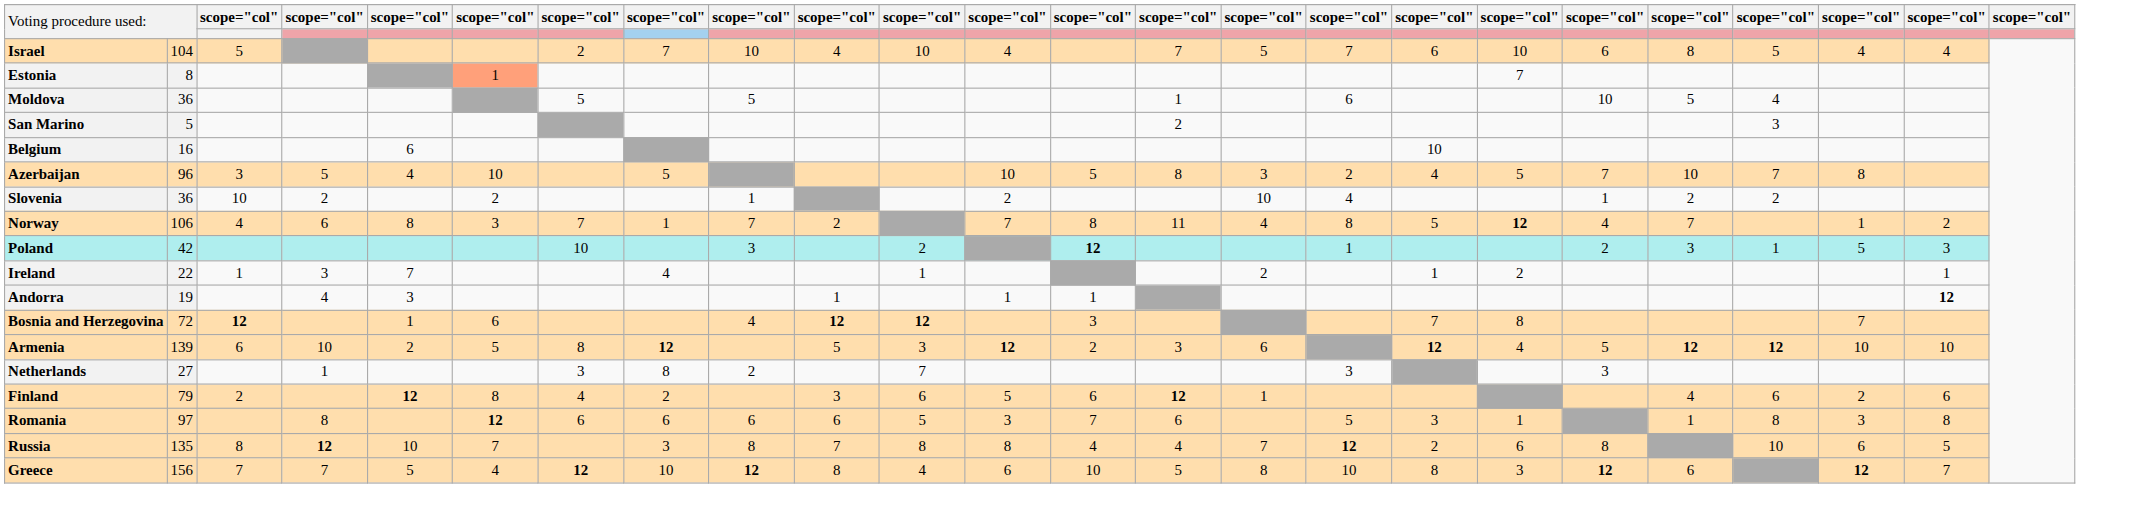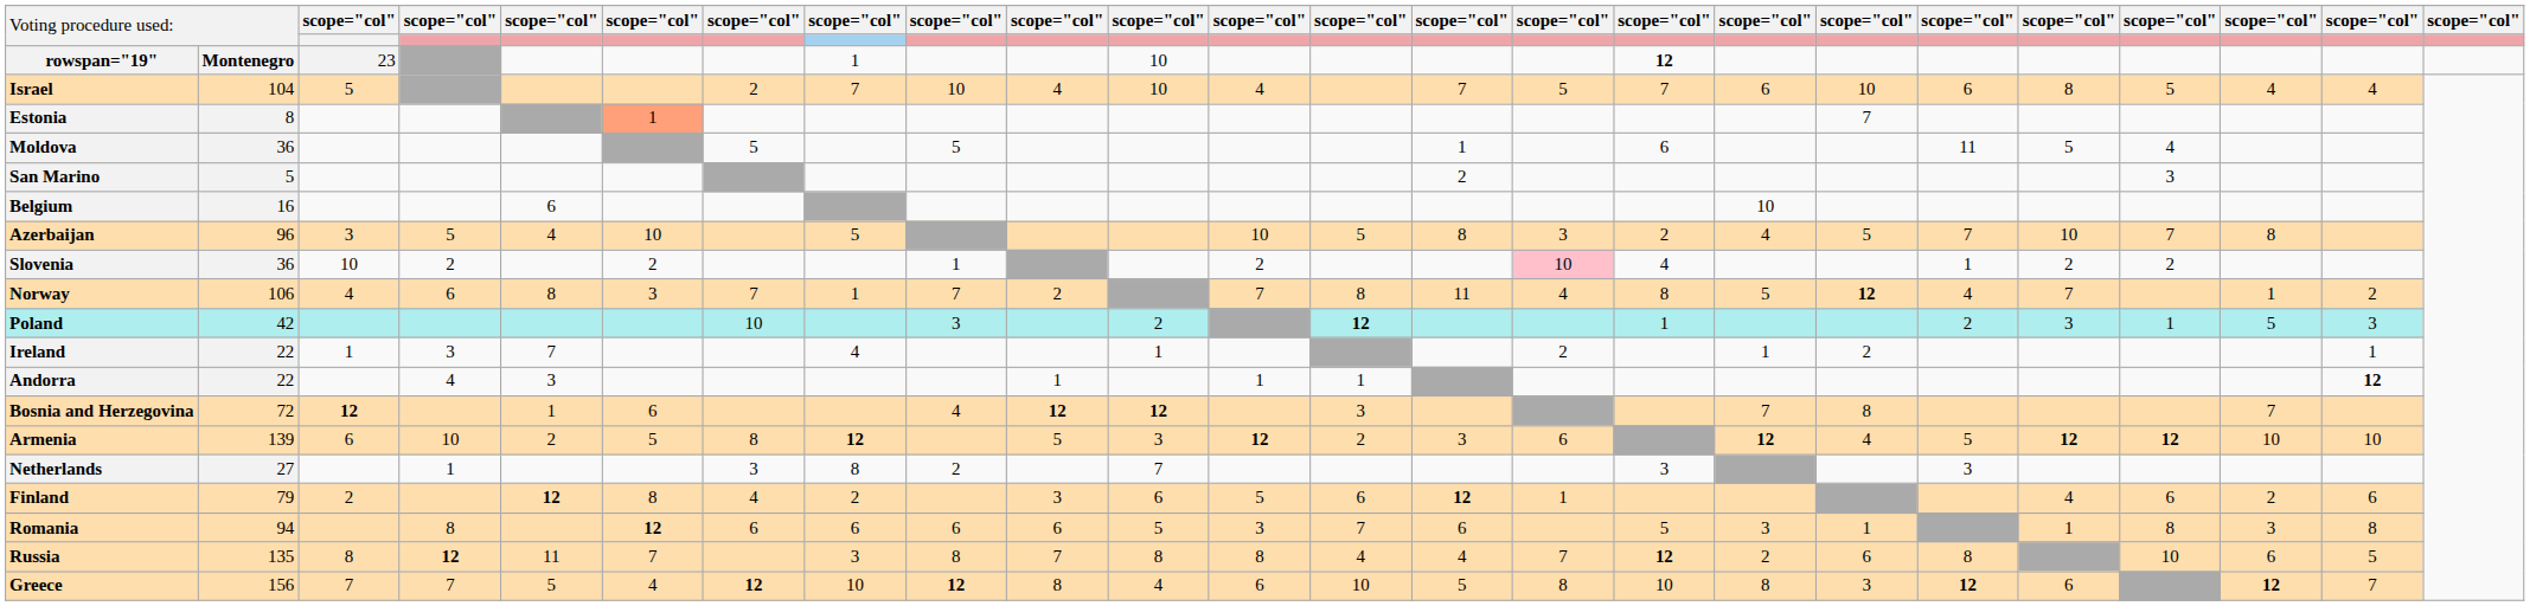 <table class="wikitable plainrowheaders" style="text-align:center; font-size:85%;">
 <tr>
 </tr>
 <tr>
 <td colspan="2" rowspan="2" style="text-align:left; background:#F2F2F2">Voting procedure used:<br></td>
 <th>scope="col" </th>
 <th>scope="col" </th>
 <th>scope="col" </th>
 <th>scope="col" </th>
 <th>scope="col" </th>
 <th>scope="col" </th>
 <th>scope="col" </th>
 <th>scope="col" </th>
 <th>scope="col" </th>
 <th>scope="col" </th>
 <th>scope="col" </th>
 <th>scope="col" </th>
 <th>scope="col" </th>
 <th>scope="col" </th>
 <th>scope="col" </th>
 <th>scope="col" </th>
 <th>scope="col" </th>
 <th>scope="col" </th>
 <th>scope="col" </th>
 <th>scope="col" </th>
 <th>scope="col" </th>
 <th>scope="col" </th>
 </tr>
 <tr>
 <th style="height:2px; border-top:1px solid transparent;"></th>
 <td style="background:#EFA4A9;"></td>
 <td style="background:#EFA4A9;"></td>
 <td style="background:#EFA4A9;"></td>
 <td style="background:#EFA4A9;"></td>
 <td style="background:#A4D1EF;"></td>
 <td style="background:#EFA4A9;"></td>
 <td style="background:#EFA4A9;"></td>
 <td style="background:#EFA4A9;"></td>
 <td style="background:#EFA4A9;"></td>
 <td style="background:#EFA4A9;"></td>
 <td style="background:#EFA4A9;"></td>
 <td style="background:#EFA4A9;"></td>
 <td style="background:#EFA4A9;"></td>
 <td style="background:#EFA4A9;"></td>
 <td style="background:#EFA4A9;"></td>
 <td style="background:#EFA4A9;"></td>
 <td style="background:#EFA4A9;"></td>
 <td style="background:#EFA4A9;"></td>
 <td style="background:#EFA4A9;"></td>
 <td style="background:#EFA4A9;"></td>
 <td style="background:#EFA4A9;"></td>
+</tr>
+<tr>
+<th>rowspan="19" </th>
+<th scope="row" style="text-align:left; background:#f2f2f2;">Montenegro</th>
+<td style="text-align:right; background:#f2f2f2;">23</td>
+<td style="text-align:left; background:#aaa;"></td>
+<td></td>
+<td></td>
+<td></td>
+<td>1</td>
+<td></td>
+<td></td>
+<td>10</td>
+<td></td>
+<td></td>
+<td></td>
+<td></td>
+<td><strong>12</strong></td>
+<td></td>
+<td></td>
+<td></td>
+<td></td>
+<td></td>
+<td></td>
+<td></td>
+<td></td>
 </tr>
 <tr style="background:#ffdead;">
 <th scope="row" style="text-align:left; font-weight:bold; background:#ffdead;">Israel</th>
 <td style="text-align:right;">104</td>
 <td>5</td>
 <td style="text-align:left; background:#aaa;"></td>
 <td></td>
 <td></td>
 <td>2</td>
 <td>7</td>
 <td>10</td>
 <td>4</td>
 <td>10</td>
 <td>4</td>
 <td></td>
 <td>7</td>
 <td>5</td>
 <td>7</td>
 <td>6</td>
 <td>10</td>
 <td>6</td>
 <td>8</td>
 <td>5</td>
 <td>4</td>
 <td>4</td>
 </tr>
 <tr>
 <th scope="row" style="text-align:left; background:#f2f2f2;">Estonia</th>
 <td style="text-align:right; background:#f2f2f2;">8</td>
 <td></td>
 <td></td>
 <td style="text-align:left; background:#aaa;"></td>
 <td style="background: lightsalmon;">1</td>
 <td></td>
 <td></td>
 <td></td>
 <td></td>
 <td></td>
 <td></td>
 <td></td>
 <td></td>
 <td></td>
 <td></td>
 <td></td>
 <td>7</td>
 <td></td>
 <td></td>
 <td></td>
 <td></td>
 <td></td>
 </tr>
 <tr>
 <th scope="row" style="text-align:left; background:#f2f2f2;">Moldova</th>
 <td style="text-align:right; background:#f2f2f2;">36</td>
 <td></td>
 <td></td>
 <td></td>
 <td style="text-align:left; background:#aaa;"></td>
 <td>5</td>
 <td></td>
 <td>5</td>
 <td></td>
 <td></td>
 <td></td>
 <td></td>
 <td>1</td>
 <td></td>
 <td>6</td>
 <td></td>
 <td></td>
-<td>10</td>
+<td>11</td>
 <td>5</td>
 <td>4</td>
 <td></td>
 <td></td>
 </tr>
 <tr>
 <th scope="row" style="text-align:left; background:#f2f2f2;">San Marino</th>
 <td style="text-align:right; background:#f2f2f2;">5</td>
 <td></td>
 <td></td>
 <td></td>
 <td></td>
 <td style="text-align:left; background:#aaa;"></td>
 <td></td>
 <td></td>
 <td></td>
 <td></td>
 <td></td>
 <td></td>
 <td>2</td>
 <td></td>
 <td></td>
 <td></td>
 <td></td>
 <td></td>
 <td></td>
 <td>3</td>
 <td></td>
 <td></td>
 </tr>
 <tr>
 <th scope="row" style="text-align:left; background:#f2f2f2;">Belgium</th>
 <td style="text-align:right; background:#f2f2f2;">16</td>
 <td></td>
 <td></td>
 <td>6</td>
 <td></td>
 <td></td>
 <td style="text-align:left; background:#aaa;"></td>
 <td></td>
 <td></td>
 <td></td>
 <td></td>
 <td></td>
 <td></td>
 <td></td>
 <td></td>
 <td>10</td>
 <td></td>
 <td></td>
 <td></td>
 <td></td>
 <td></td>
 <td></td>
 </tr>
 <tr style="background:#ffdead;">
 <th scope="row" style="text-align:left; font-weight:bold; background:#ffdead;">Azerbaijan</th>
 <td style="text-align:right;">96</td>
 <td>3</td>
 <td>5</td>
 <td>4</td>
 <td>10</td>
 <td></td>
 <td>5</td>
 <td style="text-align:left; background:#aaa;"></td>
 <td></td>
 <td></td>
 <td>10</td>
 <td>5</td>
 <td>8</td>
 <td>3</td>
 <td>2</td>
 <td>4</td>
 <td>5</td>
 <td>7</td>
 <td>10</td>
 <td>7</td>
 <td>8</td>
 <td></td>
 </tr>
 <tr>
 <th scope="row" style="text-align:left; background:#f2f2f2;">Slovenia</th>
 <td style="text-align:right; background:#f2f2f2;">36</td>
 <td>10</td>
 <td>2</td>
 <td></td>
 <td>2</td>
 <td></td>
 <td></td>
 <td>1</td>
 <td style="text-align:left; background:#aaa;"></td>
 <td></td>
 <td>2</td>
 <td></td>
 <td></td>
-<td>10</td>
+<td style="background: pink;">10</td>
 <td>4</td>
 <td></td>
 <td></td>
 <td>1</td>
 <td>2</td>
 <td>2</td>
 <td></td>
 <td></td>
 </tr>
 <tr style="background:#ffdead;">
 <th scope="row" style="text-align:left; font-weight:bold; background:#ffdead;">Norway</th>
 <td style="text-align:right;">106</td>
 <td>4</td>
 <td>6</td>
 <td>8</td>
 <td>3</td>
 <td>7</td>
 <td>1</td>
 <td>7</td>
 <td>2</td>
 <td style="text-align:left; background:#aaa;"></td>
 <td>7</td>
 <td>8</td>
 <td>11</td>
 <td>4</td>
 <td>8</td>
 <td>5</td>
 <td><strong>12</strong></td>
 <td>4</td>
 <td>7</td>
 <td></td>
 <td>1</td>
 <td>2</td>
 </tr>
 <tr style="background:paleturquoise;">
 <th scope="row" style="text-align:left; font-weight:bold; background:paleturquoise;">Poland </th>
 <td style="text-align:right;">42</td>
 <td></td>
 <td></td>
 <td></td>
 <td></td>
 <td>10</td>
 <td></td>
 <td>3</td>
 <td></td>
 <td>2</td>
 <td style="text-align:left; background:#aaa;"></td>
 <td><strong>12</strong></td>
 <td></td>
 <td></td>
 <td>1</td>
 <td></td>
 <td></td>
 <td>2</td>
 <td>3</td>
 <td>1</td>
 <td>5</td>
 <td>3</td>
 </tr>
 <tr>
 <th scope="row" style="text-align:left; background:#f2f2f2;">Ireland</th>
 <td style="text-align:right; background:#f2f2f2;">22</td>
 <td>1</td>
 <td>3</td>
 <td>7</td>
 <td></td>
 <td></td>
 <td>4</td>
 <td></td>
 <td></td>
 <td>1</td>
 <td></td>
 <td style="text-align:left; background:#aaa;"></td>
 <td></td>
 <td>2</td>
 <td></td>
 <td>1</td>
 <td>2</td>
 <td></td>
 <td></td>
 <td></td>
 <td></td>
 <td>1</td>
 </tr>
 <tr>
 <th scope="row" style="text-align:left; background:#f2f2f2;">Andorra</th>
-<td style="text-align:right; background:#f2f2f2;">19</td>
+<td style="text-align:right; background:#f2f2f2;">22</td>
 <td></td>
 <td>4</td>
 <td>3</td>
 <td></td>
 <td></td>
 <td></td>
 <td></td>
 <td>1</td>
 <td></td>
 <td>1</td>
 <td>1</td>
 <td style="text-align:left; background:#aaa;"></td>
 <td></td>
 <td></td>
 <td></td>
 <td></td>
 <td></td>
 <td></td>
 <td></td>
 <td></td>
 <td><strong>12</strong></td>
 </tr>
 <tr style="background:#ffdead;">
 <th scope="row" style="text-align:left; font-weight:bold; background:#ffdead;">Bosnia and Herzegovina</th>
 <td style="text-align:right;">72</td>
 <td><strong>12</strong></td>
 <td></td>
 <td>1</td>
 <td>6</td>
 <td></td>
 <td></td>
 <td>4</td>
 <td><strong>12</strong></td>
 <td><strong>12</strong></td>
 <td></td>
 <td>3</td>
 <td></td>
 <td style="text-align:left; background:#aaa;"></td>
 <td></td>
 <td>7</td>
 <td>8</td>
 <td></td>
 <td></td>
 <td></td>
 <td>7</td>
 <td></td>
 </tr>
 <tr style="background:#ffdead;">
 <th scope="row" style="text-align:left; font-weight:bold; background:#ffdead;">Armenia</th>
 <td style="text-align:right;">139</td>
 <td>6</td>
 <td>10</td>
 <td>2</td>
 <td>5</td>
 <td>8</td>
 <td><strong>12</strong></td>
 <td></td>
 <td>5</td>
 <td>3</td>
 <td><strong>12</strong></td>
 <td>2</td>
 <td>3</td>
 <td>6</td>
 <td style="text-align:left; background:#aaa;"></td>
 <td><strong>12</strong></td>
 <td>4</td>
 <td>5</td>
 <td><strong>12</strong></td>
 <td><strong>12</strong></td>
 <td>10</td>
 <td>10</td>
 </tr>
 <tr>
 <th scope="row" style="text-align:left; background:#f2f2f2;">Netherlands</th>
 <td style="text-align:right; background:#f2f2f2;">27</td>
 <td></td>
 <td>1</td>
 <td></td>
 <td></td>
 <td>3</td>
 <td>8</td>
 <td>2</td>
 <td></td>
 <td>7</td>
 <td></td>
 <td></td>
 <td></td>
 <td></td>
 <td>3</td>
 <td style="text-align:left; background:#aaa;"></td>
 <td></td>
 <td>3</td>
 <td></td>
 <td></td>
 <td></td>
 <td></td>
 </tr>
 <tr style="background:#ffdead;">
 <th scope="row" style="text-align:left; font-weight:bold; background:#ffdead;">Finland</th>
 <td style="text-align:right;">79</td>
 <td>2</td>
 <td></td>
 <td><strong>12</strong></td>
 <td>8</td>
 <td>4</td>
 <td>2</td>
 <td></td>
 <td>3</td>
 <td>6</td>
 <td>5</td>
 <td>6</td>
 <td><strong>12</strong></td>
 <td>1</td>
 <td></td>
 <td></td>
 <td style="text-align:left; background:#aaa;"></td>
 <td></td>
 <td>4</td>
 <td>6</td>
 <td>2</td>
 <td>6</td>
 </tr>
 <tr style="background:#ffdead;">
 <th scope="row" style="text-align:left; font-weight:bold; background:#ffdead;">Romania</th>
-<td style="text-align:right;">97</td>
+<td style="text-align:right;">94</td>
 <td></td>
 <td>8</td>
 <td></td>
 <td><strong>12</strong></td>
 <td>6</td>
 <td>6</td>
 <td>6</td>
 <td>6</td>
 <td>5</td>
 <td>3</td>
 <td>7</td>
 <td>6</td>
 <td></td>
 <td>5</td>
 <td>3</td>
 <td>1</td>
 <td style="text-align:left; background:#aaa;"></td>
 <td>1</td>
 <td>8</td>
 <td>3</td>
 <td>8</td>
 </tr>
 <tr style="background:#ffdead;">
 <th scope="row" style="text-align:left; font-weight:bold; background:#ffdead;">Russia</th>
 <td style="text-align:right;">135</td>
 <td>8</td>
 <td><strong>12</strong></td>
-<td>10</td>
+<td>11</td>
 <td>7</td>
 <td></td>
 <td>3</td>
 <td>8</td>
 <td>7</td>
 <td>8</td>
 <td>8</td>
 <td>4</td>
 <td>4</td>
 <td>7</td>
 <td><strong>12</strong></td>
 <td>2</td>
 <td>6</td>
 <td>8</td>
 <td style="text-align:left; background:#aaa;"></td>
 <td>10</td>
 <td>6</td>
 <td>5</td>
 </tr>
 <tr style="background:#ffdead;">
 <th scope="row" style="text-align:left; font-weight:bold; background:#ffdead;">Greece</th>
 <td style="text-align:right;">156</td>
 <td>7</td>
 <td>7</td>
 <td>5</td>
 <td>4</td>
 <td><strong>12</strong></td>
 <td>10</td>
 <td><strong>12</strong></td>
 <td>8</td>
 <td>4</td>
 <td>6</td>
 <td>10</td>
 <td>5</td>
 <td>8</td>
 <td>10</td>
 <td>8</td>
 <td>3</td>
 <td><strong>12</strong></td>
 <td>6</td>
 <td style="text-align:left; background:#aaa;"></td>
 <td><strong>12</strong></td>
 <td>7</td>
 </tr>
 </table>
